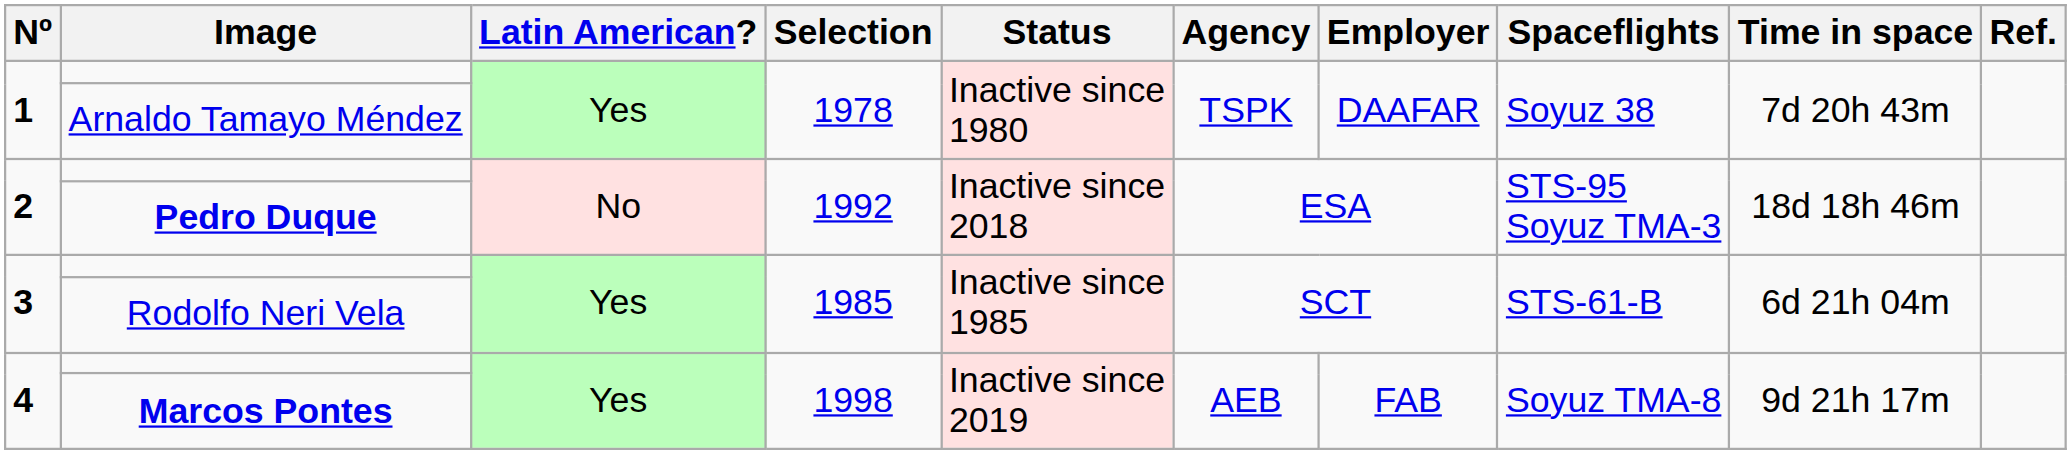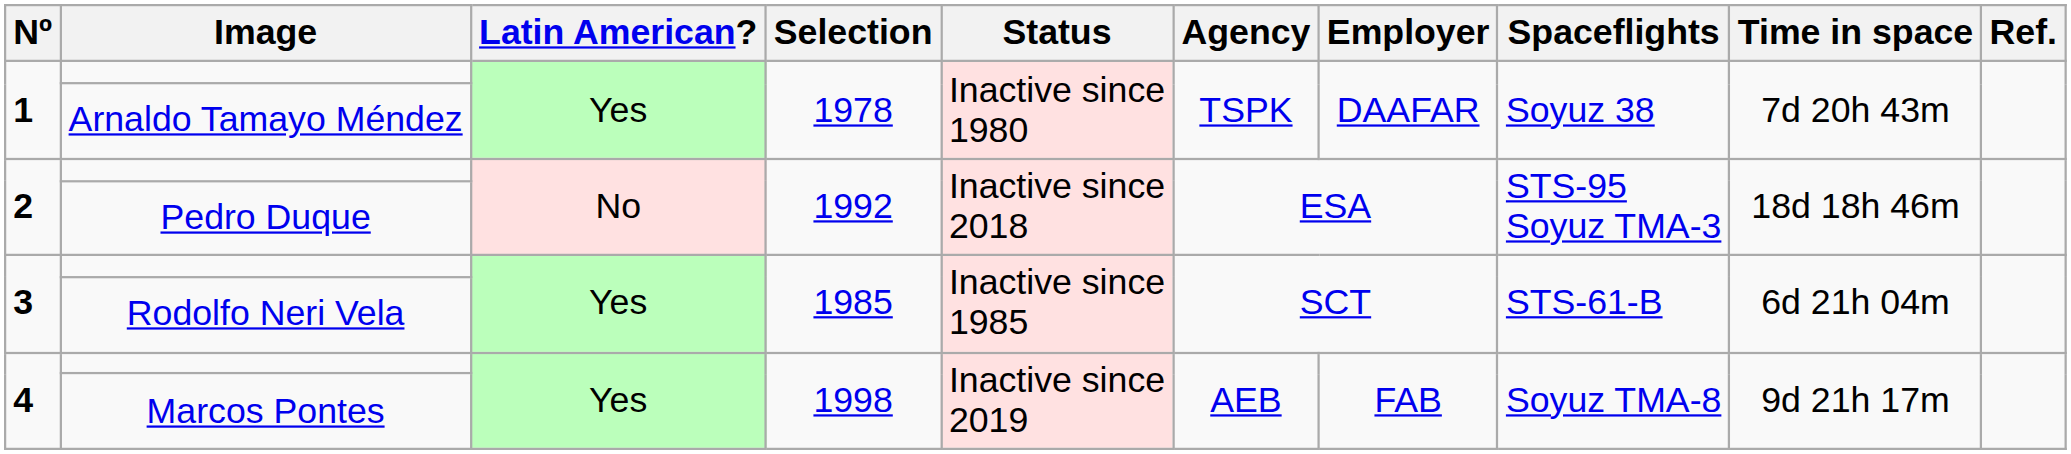 <table class="wikitable sticky-header">
 <tr>
 <th>Nº</th>
 <th>Image</th>
 <th><a href='#'>Latin American</a>?</th>
 <th>Selection</th>
 <th>Status</th>
 <th>Agency</th>
 <th>Employer</th>
 <th>Spaceflights</th>
 <th>Time in space</th>
 <th>Ref.</th>
 </tr>
 <tr>
 <td rowspan=2><strong>1</strong></td>
 <td></td>
 <td rowspan=2 style="background:#bbffbb; text-align:center;">Yes</td>
 <td rowspan="2" style="text-align:center;"><a href='#'>1978</a></td>
 <td rowspan=2 bgcolor=#ffe1e1>Inactive since<br>1980</td>
 <td rowspan="2" style="text-align:center;"><a href='#'>TSPK</a></td>
 <td rowspan="2" style="text-align:center;"><a href='#'>DAAFAR</a></td>
 <td rowspan=2> <a href='#'>Soyuz 38</a></td>
 <td rowspan="2" style="text-align:center;">7d 20h 43m</td>
 <td rowspan=2></td>
 </tr>
 <tr>
 <td> <a href='#'>Arnaldo Tamayo Méndez</a></td>
 </tr>
 <tr>
 <td rowspan=2><strong>2</strong></td>
 <td></td>
 <td rowspan=2 style="background:#ffe1e1; text-align:center;">No</td>
 <td rowspan="2" style="text-align:center;"><a href='#'>1992</a><br></td>
 <td rowspan=2 bgcolor=#ffe1e1>Inactive since<br>2018</td>
 <td rowspan="2" colspan="2" style="text-align:center;"><a href='#'>ESA</a></td>
 <td rowspan=2> <a href='#'>STS-95</a><br> <a href='#'>Soyuz TMA-3</a></td>
 <td rowspan="2" style="text-align:center;">18d 18h 46m</td>
 <td rowspan=2></td>
 </tr>
 <tr>
-<td style="text-align:center;"><strong> <a href='#'>Pedro Duque</a></strong></td>
+<td style="text-align:center;"> <a href='#'>Pedro Duque</a></td>
 </tr>
 <tr>
 <td rowspan=2><strong>3</strong></td>
 <td></td>
 <td rowspan=2 style="background:#bbffbb; text-align:center;">Yes</td>
 <td rowspan="2" style="text-align:center;"><a href='#'>1985</a></td>
 <td rowspan=2 bgcolor=#ffe1e1>Inactive since<br>1985</td>
 <td rowspan="2" colspan="2" style="text-align:center;"><a href='#'>SCT</a></td>
 <td rowspan=2> <a href='#'>STS-61-B</a></td>
 <td rowspan="2" style="text-align:center;">6d 21h 04m</td>
 <td rowspan=2></td>
 </tr>
 <tr>
 <td style="text-align:center;"> <a href='#'>Rodolfo Neri Vela</a></td>
 </tr>
 <tr>
 <td rowspan=2><strong>4</strong></td>
 <td></td>
 <td rowspan=2 style="background:#bbffbb; text-align:center;">Yes</td>
 <td rowspan="2" style="text-align:center;"><a href='#'>1998</a></td>
 <td rowspan=2 bgcolor=#ffe1e1>Inactive since<br>2019</td>
 <td rowspan="2" style="text-align:center;"><a href='#'>AEB</a></td>
 <td rowspan="2" style="text-align:center;"><a href='#'>FAB</a></td>
 <td rowspan=2> <a href='#'>Soyuz TMA-8</a></td>
 <td rowspan="2" style="text-align:center;">9d 21h 17m</td>
 <td rowspan=2></td>
 </tr>
 <tr>
-<td style="text-align:center;"><strong> <a href='#'>Marcos Pontes</a></strong></td>
+<td style="text-align:center;"> <a href='#'>Marcos Pontes</a></td>
 </tr>
 </table>
